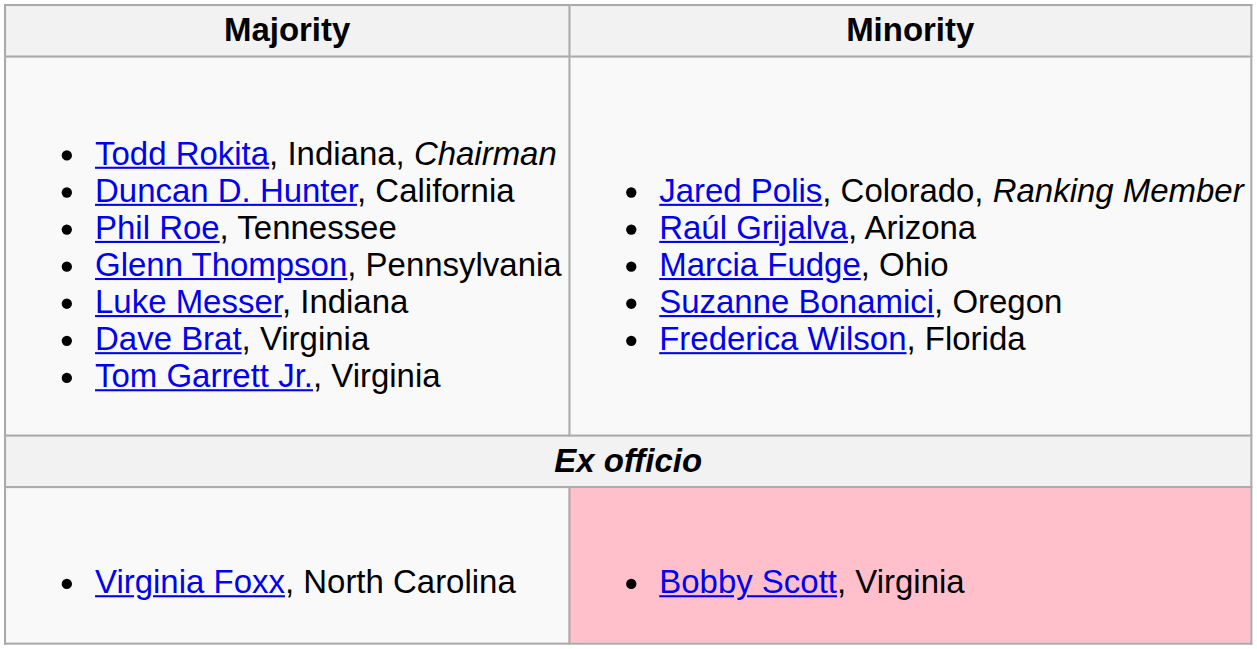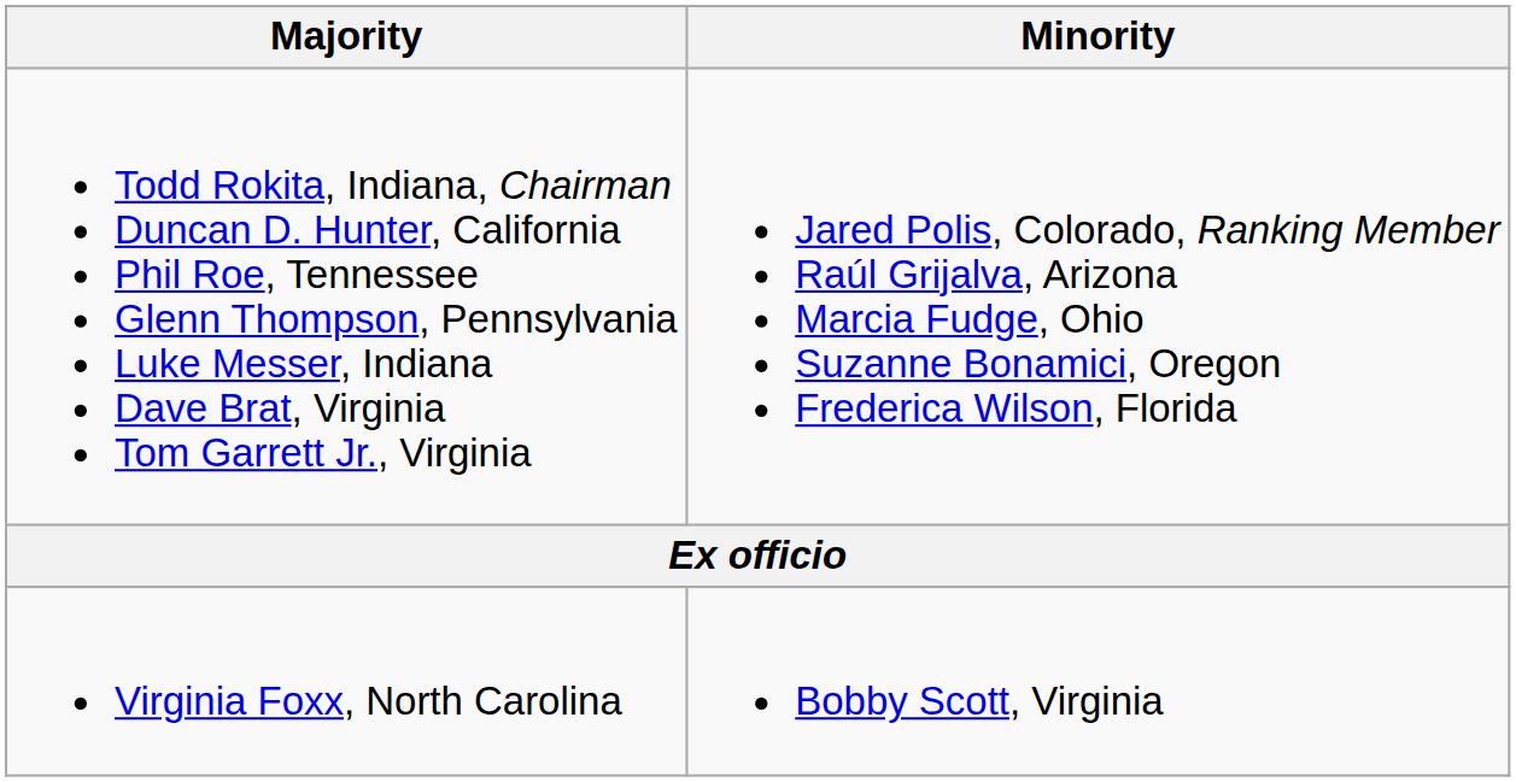 <table class=wikitable>
 <tr>
 <th>Majority</th>
 <th>Minority</th>
 </tr>
 <tr>
 <td><br><ul><li><a href='#'>Todd Rokita</a>, Indiana, <em>Chairman</em></li><li><a href='#'>Duncan D. Hunter</a>, California</li><li><a href='#'>Phil Roe</a>, Tennessee</li><li><a href='#'>Glenn Thompson</a>, Pennsylvania</li><li><a href='#'>Luke Messer</a>, Indiana</li><li><a href='#'>Dave Brat</a>, Virginia</li><li><a href='#'>Tom Garrett Jr.</a>, Virginia</li></ul></td>
 <td><br><ul><li><a href='#'>Jared Polis</a>, Colorado, <em>Ranking Member</em></li><li><a href='#'>Raúl Grijalva</a>, Arizona</li><li><a href='#'>Marcia Fudge</a>, Ohio</li><li><a href='#'>Suzanne Bonamici</a>, Oregon</li><li><a href='#'>Frederica Wilson</a>, Florida</li></ul></td>
 </tr>
 <tr>
 <th colspan=2><em>Ex officio</em></th>
 </tr>
 <tr>
 <td><br><ul><li><a href='#'>Virginia Foxx</a>, North Carolina</li></ul></td>
-<td style="background: pink;"><br><ul><li><a href='#'>Bobby Scott</a>, Virginia</li></ul></td>
+<td><br><ul><li><a href='#'>Bobby Scott</a>, Virginia</li></ul></td>
 </tr>
 </table>
